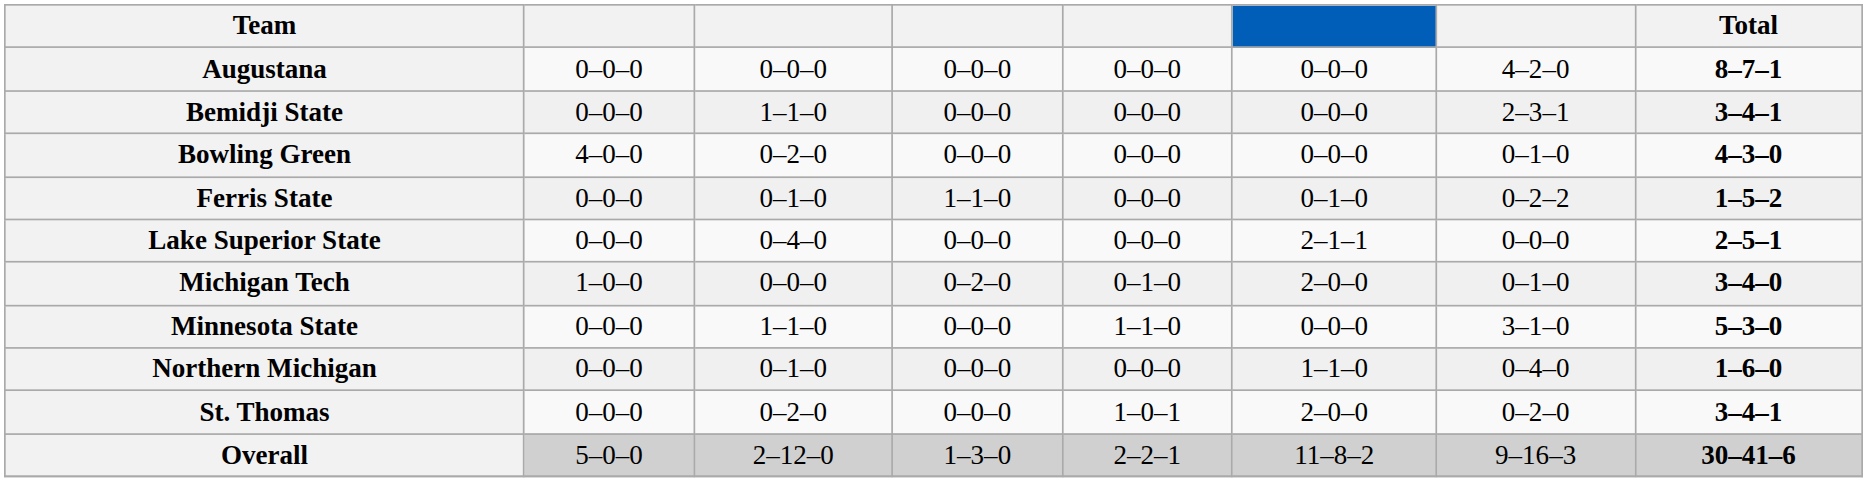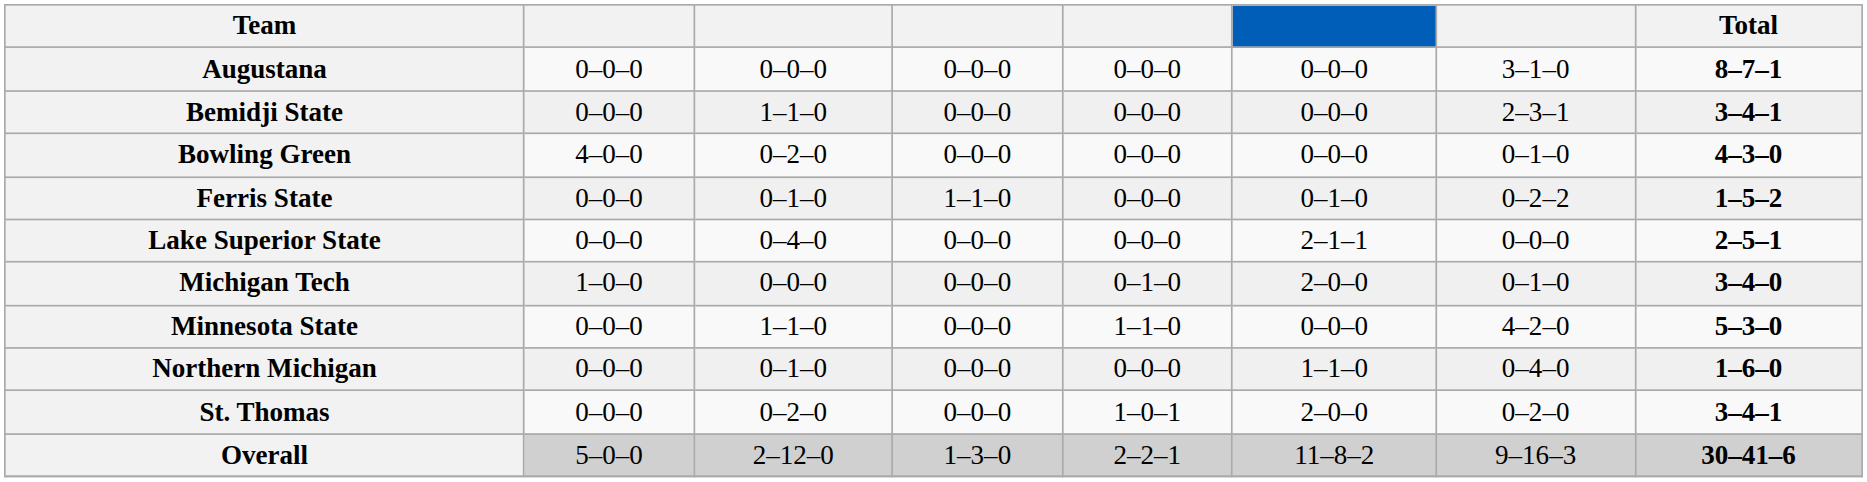 <table class="wikitable" style="text-align: center; "width=1100">
 <tr>
 <th>Team</th>
 <th><a href='#'></a></th>
 <th><a href='#'></a></th>
 <th><a href='#'></a></th>
 <th><a href='#'></a></th>
 <th style="color:white; background:#005EB8"; width=11%><a href='#'></a></th>
 <th><a href='#'></a></th>
 <th>Total</th>
 </tr>
 <tr>
 <th>Augustana</th>
 <td>0–0–0</td>
 <td>0–0–0</td>
 <td>0–0–0</td>
 <td>0–0–0</td>
 <td>0–0–0</td>
-<td>4–2–0</td>
+<td>3–1–0</td>
 <td><strong>8–7–1</strong></td>
 </tr>
 <tr bgcolor=f0f0f0>
 <th>Bemidji State</th>
 <td>0–0–0</td>
 <td>1–1–0</td>
 <td>0–0–0</td>
 <td>0–0–0</td>
 <td>0–0–0</td>
 <td>2–3–1</td>
 <td><strong>3–4–1</strong></td>
 </tr>
 <tr>
 <th>Bowling Green</th>
 <td>4–0–0</td>
 <td>0–2–0</td>
 <td>0–0–0</td>
 <td>0–0–0</td>
 <td>0–0–0</td>
 <td>0–1–0</td>
 <td><strong>4–3–0</strong></td>
 </tr>
 <tr bgcolor=f0f0f0>
 <th>Ferris State</th>
 <td>0–0–0</td>
 <td>0–1–0</td>
 <td>1–1–0</td>
 <td>0–0–0</td>
 <td>0–1–0</td>
 <td>0–2–2</td>
 <td><strong>1–5–2</strong></td>
 </tr>
 <tr>
 <th>Lake Superior State</th>
 <td>0–0–0</td>
 <td>0–4–0</td>
 <td>0–0–0</td>
 <td>0–0–0</td>
 <td>2–1–1</td>
 <td>0–0–0</td>
 <td><strong>2–5–1</strong></td>
 </tr>
 <tr bgcolor=f0f0f0>
 <th>Michigan Tech</th>
 <td>1–0–0</td>
 <td>0–0–0</td>
-<td>0–2–0</td>
+<td>0–0–0</td>
 <td>0–1–0</td>
 <td>2–0–0</td>
 <td>0–1–0</td>
 <td><strong>3–4–0</strong></td>
 </tr>
 <tr>
 <th>Minnesota State</th>
 <td>0–0–0</td>
 <td>1–1–0</td>
 <td>0–0–0</td>
 <td>1–1–0</td>
 <td>0–0–0</td>
-<td>3–1–0</td>
+<td>4–2–0</td>
 <td><strong>5–3–0</strong></td>
 </tr>
 <tr bgcolor=f0f0f0>
 <th>Northern Michigan</th>
 <td>0–0–0</td>
 <td>0–1–0</td>
 <td>0–0–0</td>
 <td>0–0–0</td>
 <td>1–1–0</td>
 <td>0–4–0</td>
 <td><strong>1–6–0</strong></td>
 </tr>
 <tr>
 <th>St. Thomas</th>
 <td>0–0–0</td>
 <td>0–2–0</td>
 <td>0–0–0</td>
 <td>1–0–1</td>
 <td>2–0–0</td>
 <td>0–2–0</td>
 <td><strong>3–4–1</strong></td>
 </tr>
 <tr bgcolor=d0d0d0>
 <th>Overall</th>
 <td>5–0–0</td>
 <td>2–12–0</td>
 <td>1–3–0</td>
 <td>2–2–1</td>
 <td>11–8–2</td>
 <td>9–16–3</td>
 <td><strong>30–41–6</strong></td>
 </tr>
 <tr>
 </tr>
 </table>
